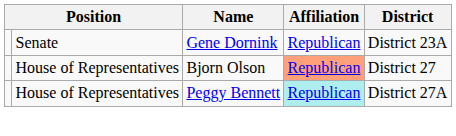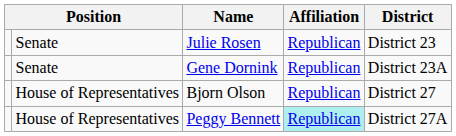 <table class="wikitable">
 <tr>
 <th colspan="2">Position</th>
 <th>Name</th>
 <th>Affiliation</th>
 <th>District</th>
+</tr>
+<tr>
+<td style="background-color:"></td>
+<td>Senate</td>
+<td><a href='#'>Julie Rosen</a></td>
+<td><a href='#'>Republican</a></td>
+<td>District 23</td>
 </tr>
 <tr>
 <td style="background-color:"></td>
 <td>Senate</td>
 <td><a href='#'>Gene Dornink</a></td>
 <td><a href='#'>Republican</a></td>
 <td>District 23A</td>
 </tr>
 <tr>
 <td style="background-color:"></td>
 <td>House of Representatives</td>
 <td>Bjorn Olson</td>
-<td style="background: lightsalmon;"><a href='#'>Republican</a></td>
+<td><a href='#'>Republican</a></td>
 <td>District 27</td>
 </tr>
 <tr>
 <td style="background-color:"></td>
 <td>House of Representatives</td>
 <td><a href='#'>Peggy Bennett</a></td>
 <td style="background: paleturquoise;"><a href='#'>Republican</a></td>
 <td>District 27A</td>
 </tr>
 </table>
